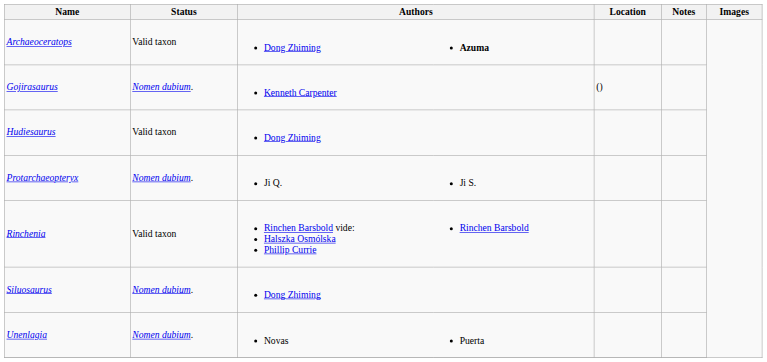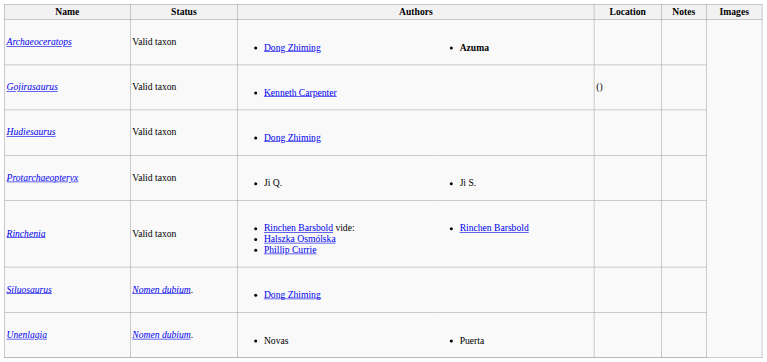 <table class="wikitable sortable" align="center" width="100%">
 <tr>
 <th>Name</th>
 <th>Status</th>
 <th colspan="2">Authors</th>
 <th>Location</th>
 <th class="unsortable">Notes</th>
 <th class="unsortable">Images</th>
 </tr>
 <tr>
 <td><em><a href='#'>Archaeoceratops</a></em></td>
 <td>Valid taxon</td>
 <td style="border-right:0px" valign="top"><br><ul><li><a href='#'>Dong Zhiming</a></li></ul></td>
 <td style="border-left:0px" valign="top"><strong><br><ul><li>Azuma</li></ul></strong></td>
 <td></td>
 <td></td>
 <td rowspan="99" valign="center"><br>  </td>
 </tr>
 <tr>
 <td><em><a href='#'>Gojirasaurus</a></em></td>
-<td><em><a href='#'>Nomen dubium</a></em>.</td>
+<td>Valid taxon</td>
 <td style="border-right:0px" valign="top"><br><ul><li><a href='#'>Kenneth Carpenter</a></li></ul></td>
 <td style="border-left:0px" valign="top"></td>
 <td>()</td>
 <td></td>
 </tr>
 <tr>
 <td><em><a href='#'>Hudiesaurus</a></em></td>
 <td>Valid taxon</td>
 <td style="border-right:0px" valign="top"><br><ul><li><a href='#'>Dong Zhiming</a></li></ul></td>
 <td style="border-left:0px" valign="top"></td>
 <td></td>
 <td></td>
 </tr>
 <tr>
 <td><em><a href='#'>Protarchaeopteryx</a></em></td>
-<td><em><a href='#'>Nomen dubium</a></em>.</td>
+<td>Valid taxon</td>
 <td style="border-right:0px" valign="top"><br><ul><li>Ji Q.</li></ul></td>
 <td style="border-left:0px" valign="top"><br><ul><li>Ji S.</li></ul></td>
 <td></td>
 <td></td>
 </tr>
 <tr>
 <td><em><a href='#'>Rinchenia</a></em></td>
 <td>Valid taxon</td>
 <td style="border-right:0px" valign="top"><br><ul><li><a href='#'>Rinchen Barsbold</a> vide:</li><li><a href='#'>Halszka Osmólska</a></li><li><a href='#'>Phillip Currie</a></li></ul></td>
 <td style="border-left:0px" valign="top"><br><ul><li><a href='#'>Rinchen Barsbold</a></li></ul></td>
 <td></td>
 <td></td>
 </tr>
 <tr>
 <td><em><a href='#'>Siluosaurus</a></em></td>
 <td><em><a href='#'>Nomen dubium</a></em>.</td>
 <td style="border-right:0px" valign="top"><br><ul><li><a href='#'>Dong Zhiming</a></li></ul></td>
 <td style="border-left:0px" valign="top"></td>
 <td></td>
 <td></td>
 </tr>
 <tr>
 <td><em><a href='#'>Unenlagia</a></em></td>
 <td><em><a href='#'>Nomen dubium</a></em>.</td>
 <td style="border-right:0px" valign="top"><br><ul><li>Novas</li></ul></td>
 <td style="border-left:0px" valign="top"><br><ul><li>Puerta</li></ul></td>
 <td></td>
 <td></td>
 </tr>
 <tr>
 </tr>
 </table>
